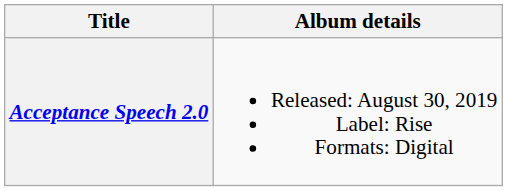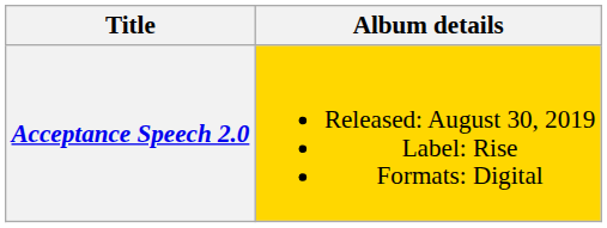 <table class="wikitable plainrowheaders" style="text-align:center;">
 <tr>
 <th scope="col">Title</th>
 <th scope="col">Album details</th>
 </tr>
 <tr>
 <th scope="row"><em><a href='#'>Acceptance Speech 2.0</a></em></th>
-<td><br><ul><li>Released: August 30, 2019</li><li>Label: Rise</li><li>Formats: Digital</li></ul></td>
+<td style="background: gold;"><br><ul><li>Released: August 30, 2019</li><li>Label: Rise</li><li>Formats: Digital</li></ul></td>
 </tr>
 </table>
